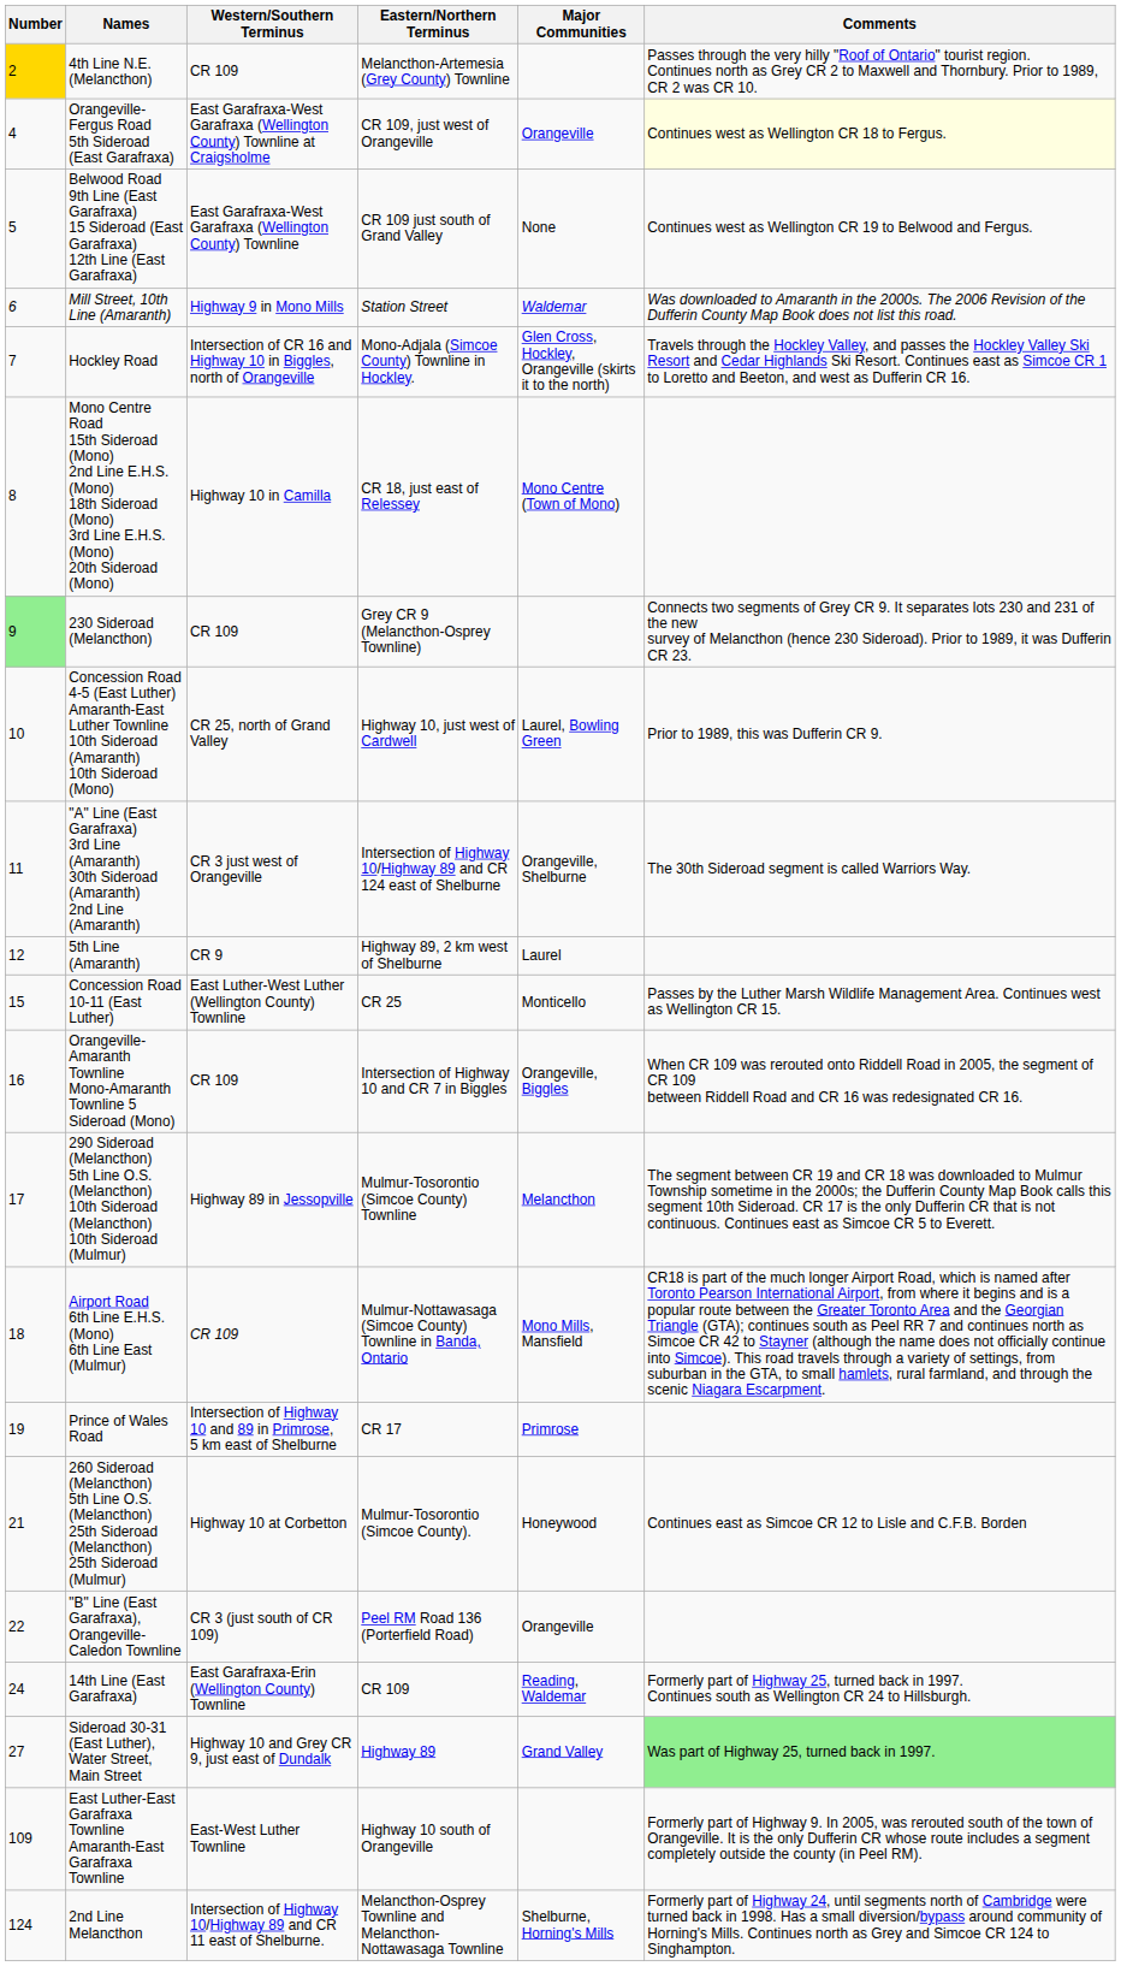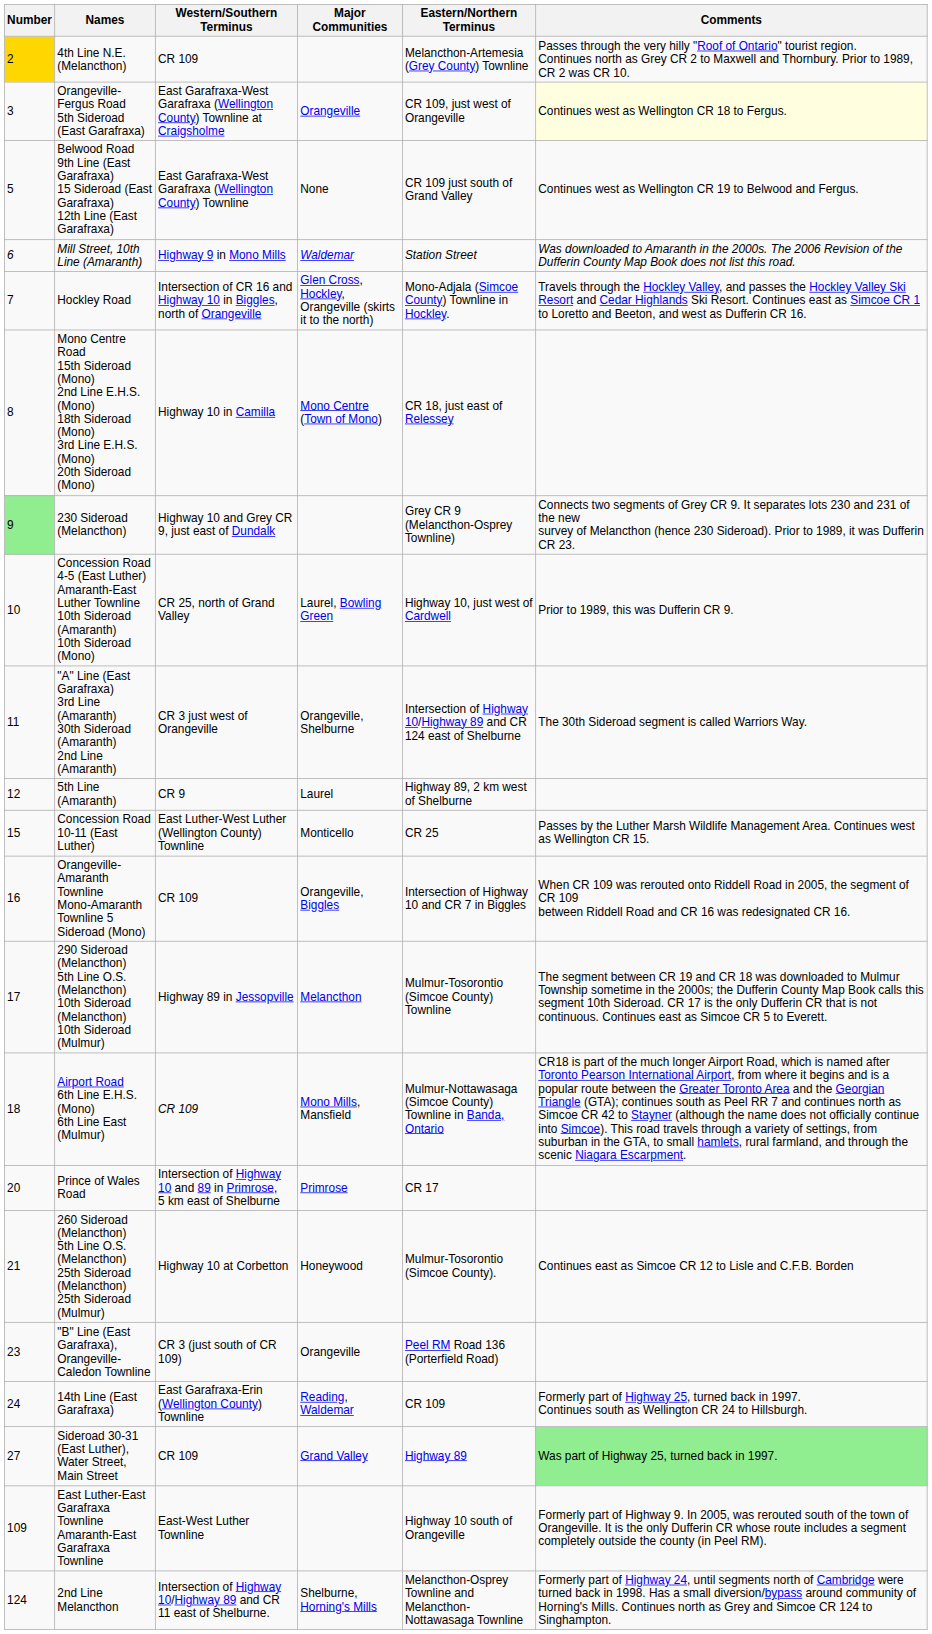 <table class="wikitable">
 <tr>
 <th>Number</th>
 <th>Names</th>
 <th>Western/Southern Terminus</th>
+<th>Major Communities</th>
 <th>Eastern/Northern Terminus</th>
-<th>Major Communities</th>
 <th>Comments</th>
 </tr>
 <tr>
 <td style="background: gold;">2</td>
 <td>4th Line N.E. (Melancthon)</td>
 <td>CR 109</td>
+<td></td>
 <td>Melancthon-Artemesia (<a href='#'>Grey County</a>) Townline</td>
-<td></td>
 <td>Passes through the very hilly "<a href='#'>Roof of Ontario</a>" tourist region.<br>Continues north as Grey CR 2 to Maxwell and Thornbury. Prior to 1989, CR 2 was CR 10.</td>
 </tr>
 <tr>
-<td>4</td>
+<td>3</td>
 <td>Orangeville-Fergus Road<br>5th Sideroad (East Garafraxa)</td>
 <td>East Garafraxa-West Garafraxa (<a href='#'>Wellington County</a>) Townline at <a href='#'>Craigsholme</a></td>
+<td><a href='#'>Orangeville</a></td>
 <td>CR 109, just west of Orangeville</td>
-<td><a href='#'>Orangeville</a></td>
 <td style="background: lightyellow;">Continues west as Wellington CR 18 to Fergus.</td>
 </tr>
 <tr>
 <td>5</td>
 <td>Belwood Road<br>9th Line (East Garafraxa)<br>15 Sideroad (East Garafraxa)<br>12th Line (East Garafraxa)</td>
 <td>East Garafraxa-West Garafraxa (<a href='#'>Wellington County</a>) Townline</td>
+<td>None</td>
 <td>CR 109 just south of Grand Valley</td>
-<td>None</td>
 <td>Continues west as Wellington CR 19 to Belwood and Fergus.</td>
 </tr>
 <tr>
 <td><em>6</em></td>
 <td><em>Mill Street, 10th Line (Amaranth)</em></td>
 <td><a href='#'>Highway 9</a> in <a href='#'>Mono Mills</a></td>
+<td><em><a href='#'>Waldemar</a></em></td>
 <td><em>Station Street</em></td>
-<td><em><a href='#'>Waldemar</a></em></td>
 <td><em>Was downloaded to Amaranth in the 2000s. The 2006 Revision of the Dufferin County Map Book does not list this road.</em></td>
 </tr>
 <tr>
 <td>7</td>
 <td>Hockley Road</td>
 <td>Intersection of CR 16 and <a href='#'>Highway 10</a> in <a href='#'>Biggles</a>,  north of <a href='#'>Orangeville</a></td>
+<td><a href='#'>Glen Cross</a>, <a href='#'>Hockley</a>, Orangeville (skirts it to the north)</td>
 <td>Mono-Adjala (<a href='#'>Simcoe County</a>) Townline in <a href='#'>Hockley</a>.</td>
-<td><a href='#'>Glen Cross</a>, <a href='#'>Hockley</a>, Orangeville (skirts it to the north)</td>
 <td>Travels through the <a href='#'>Hockley Valley</a>, and passes the <a href='#'>Hockley Valley Ski Resort</a> and <a href='#'>Cedar Highlands</a> Ski Resort. Continues east as  <a href='#'>Simcoe CR 1</a> to Loretto and Beeton, and west as Dufferin CR 16.</td>
 </tr>
 <tr>
 <td>8</td>
 <td>Mono Centre Road<br>15th Sideroad (Mono)<br>2nd Line E.H.S. (Mono)<br>18th Sideroad (Mono)<br>3rd Line E.H.S. (Mono)<br>20th Sideroad (Mono)</td>
 <td>Highway 10 in <a href='#'>Camilla</a></td>
+<td><a href='#'>Mono Centre</a> (<a href='#'>Town of Mono</a>)</td>
 <td>CR 18, just east of <a href='#'>Relessey</a></td>
-<td><a href='#'>Mono Centre</a> (<a href='#'>Town of Mono</a>)</td>
 <td></td>
 </tr>
 <tr>
 <td style="background: lightgreen;">9</td>
 <td>230 Sideroad (Melancthon)</td>
-<td>CR 109</td>
+<td>Highway 10 and Grey CR 9, just east of <a href='#'>Dundalk</a></td>
+<td></td>
 <td>Grey CR 9 (Melancthon-Osprey Townline)</td>
-<td></td>
 <td>Connects two segments of Grey CR 9. It separates lots 230 and 231 of the new<br>survey of Melancthon (hence 230 Sideroad). Prior to 1989, it was Dufferin CR 23.</td>
 </tr>
 <tr>
 <td>10</td>
 <td>Concession Road 4-5 (East Luther)<br>Amaranth-East Luther Townline<br>10th Sideroad (Amaranth)<br>10th Sideroad (Mono)</td>
 <td>CR 25, north of Grand Valley</td>
+<td>Laurel, <a href='#'>Bowling Green</a></td>
 <td>Highway 10, just west of <a href='#'>Cardwell</a></td>
-<td>Laurel, <a href='#'>Bowling Green</a></td>
 <td>Prior to 1989, this was Dufferin CR 9.</td>
 </tr>
 <tr>
 <td>11</td>
 <td>"A" Line (East Garafraxa)<br>3rd Line (Amaranth)<br>30th Sideroad (Amaranth)<br>2nd Line (Amaranth)</td>
 <td>CR 3 just west of Orangeville</td>
+<td>Orangeville, Shelburne</td>
 <td>Intersection of <a href='#'>Highway 10</a>/<a href='#'>Highway 89</a> and CR 124  east of Shelburne</td>
-<td>Orangeville, Shelburne</td>
 <td>The 30th Sideroad segment is called Warriors Way.</td>
 </tr>
 <tr>
 <td>12</td>
 <td>5th Line (Amaranth)</td>
 <td>CR 9</td>
+<td>Laurel</td>
 <td>Highway 89, 2 km west of Shelburne</td>
-<td>Laurel</td>
 <td></td>
 </tr>
 <tr>
 <td>15</td>
 <td>Concession Road 10-11 (East Luther)</td>
 <td>East Luther-West Luther (Wellington County) Townline</td>
+<td>Monticello</td>
 <td>CR 25</td>
-<td>Monticello</td>
 <td>Passes by the Luther Marsh Wildlife Management Area. Continues west as Wellington CR 15.</td>
 </tr>
 <tr>
 <td>16</td>
 <td>Orangeville-Amaranth Townline<br>Mono-Amaranth Townline 5 Sideroad (Mono)</td>
 <td>CR 109</td>
+<td>Orangeville, <a href='#'>Biggles</a></td>
 <td>Intersection of Highway 10 and CR 7 in Biggles</td>
-<td>Orangeville, <a href='#'>Biggles</a></td>
 <td>When CR 109 was rerouted onto Riddell Road in 2005, the segment of CR 109<br>between Riddell Road and CR 16 was redesignated CR 16.</td>
 </tr>
 <tr>
 <td>17</td>
 <td>290 Sideroad (Melancthon)<br>5th Line O.S. (Melancthon)<br>10th Sideroad (Melancthon)<br>10th Sideroad (Mulmur)</td>
 <td>Highway 89 in <a href='#'>Jessopville</a></td>
+<td><a href='#'>Melancthon</a></td>
 <td>Mulmur-Tosorontio (Simcoe County) Townline</td>
-<td><a href='#'>Melancthon</a></td>
 <td>The segment between CR 19 and CR 18 was downloaded to Mulmur Township sometime in the 2000s; the Dufferin County Map Book calls this segment 10th Sideroad. CR 17 is the only Dufferin CR that is not continuous. Continues east as Simcoe CR 5 to Everett.</td>
 </tr>
 <tr>
 <td>18</td>
 <td><a href='#'>Airport Road</a><br>6th Line E.H.S. (Mono)<br>6th Line East (Mulmur)</td>
 <td><em>CR 109</em></td>
+<td><a href='#'>Mono Mills</a>, Mansfield</td>
 <td>Mulmur-Nottawasaga (Simcoe County) Townline in <a href='#'>Banda, Ontario</a></td>
-<td><a href='#'>Mono Mills</a>, Mansfield</td>
 <td>CR18 is part of the much longer Airport Road, which is named after <a href='#'>Toronto Pearson International Airport</a>, from where it begins and is a popular route between the <a href='#'>Greater Toronto Area</a> and the <a href='#'>Georgian Triangle</a> (GTA); continues south as Peel RR 7 and continues north as Simcoe CR 42 to <a href='#'>Stayner</a> (although the name does not officially continue into <a href='#'>Simcoe</a>). This road travels through a variety of settings, from suburban in the GTA, to small <a href='#'>hamlets</a>, rural farmland, and through the scenic <a href='#'>Niagara Escarpment</a>.</td>
 </tr>
 <tr>
-<td>19</td>
+<td>20</td>
 <td>Prince of Wales Road</td>
 <td>Intersection of <a href='#'>Highway 10</a> and <a href='#'>89</a> in <a href='#'>Primrose</a>, 5 km east of Shelburne</td>
+<td><a href='#'>Primrose</a></td>
 <td>CR 17</td>
-<td><a href='#'>Primrose</a></td>
 <td></td>
 </tr>
 <tr>
 <td>21</td>
 <td>260 Sideroad (Melancthon)<br>5th Line O.S. (Melancthon)<br>25th Sideroad (Melancthon)<br>25th Sideroad (Mulmur)</td>
 <td>Highway 10 at Corbetton</td>
+<td>Honeywood</td>
 <td>Mulmur-Tosorontio (Simcoe County).</td>
-<td>Honeywood</td>
 <td>Continues east as Simcoe CR 12 to Lisle and C.F.B. Borden</td>
 </tr>
 <tr>
-<td>22</td>
+<td>23</td>
 <td>"B" Line (East Garafraxa), Orangeville-Caledon Townline</td>
 <td>CR 3 (just south of CR 109)</td>
+<td>Orangeville</td>
 <td><a href='#'>Peel RM</a> Road 136 (Porterfield Road)</td>
-<td>Orangeville</td>
 <td></td>
 </tr>
 <tr>
 <td>24</td>
 <td>14th Line (East Garafraxa)</td>
 <td>East Garafraxa-Erin (<a href='#'>Wellington County</a>) Townline</td>
+<td><a href='#'>Reading</a>, <a href='#'>Waldemar</a></td>
 <td>CR 109</td>
-<td><a href='#'>Reading</a>, <a href='#'>Waldemar</a></td>
 <td>Formerly part of <a href='#'>Highway 25</a>, turned back in 1997.<br>Continues south as Wellington CR 24 to Hillsburgh.</td>
 </tr>
 <tr>
 <td>27</td>
 <td>Sideroad 30-31 (East Luther), Water Street, Main Street</td>
-<td>Highway 10 and Grey CR 9, just east of <a href='#'>Dundalk</a></td>
+<td>CR 109</td>
+<td><a href='#'>Grand Valley</a></td>
 <td><a href='#'>Highway 89</a></td>
-<td><a href='#'>Grand Valley</a></td>
 <td style="background: lightgreen;">Was part of Highway 25, turned back in 1997.</td>
 </tr>
 <tr>
 <td>109</td>
 <td>East Luther-East Garafraxa Townline<br>Amaranth-East Garafraxa Townline</td>
 <td>East-West Luther Townline</td>
+<td></td>
 <td>Highway 10 south of Orangeville</td>
-<td></td>
 <td>Formerly part of Highway 9. In 2005, was rerouted south of the town of<br>Orangeville. It is the only Dufferin CR whose route includes a segment completely outside the county (in Peel RM).</td>
 </tr>
 <tr>
 <td>124</td>
 <td>2nd Line Melancthon</td>
 <td>Intersection of <a href='#'>Highway 10</a>/<a href='#'>Highway 89</a> and CR 11  east of Shelburne.</td>
+<td>Shelburne, <a href='#'>Horning's Mills</a></td>
 <td>Melancthon-Osprey Townline and Melancthon-Nottawasaga Townline</td>
-<td>Shelburne, <a href='#'>Horning's Mills</a></td>
 <td>Formerly part of <a href='#'>Highway 24</a>, until segments north of <a href='#'>Cambridge</a> were turned back in 1998. Has a small diversion/<a href='#'>bypass</a> around community of Horning's Mills. Continues north as Grey and Simcoe CR 124 to Singhampton.</td>
 </tr>
 </table>
